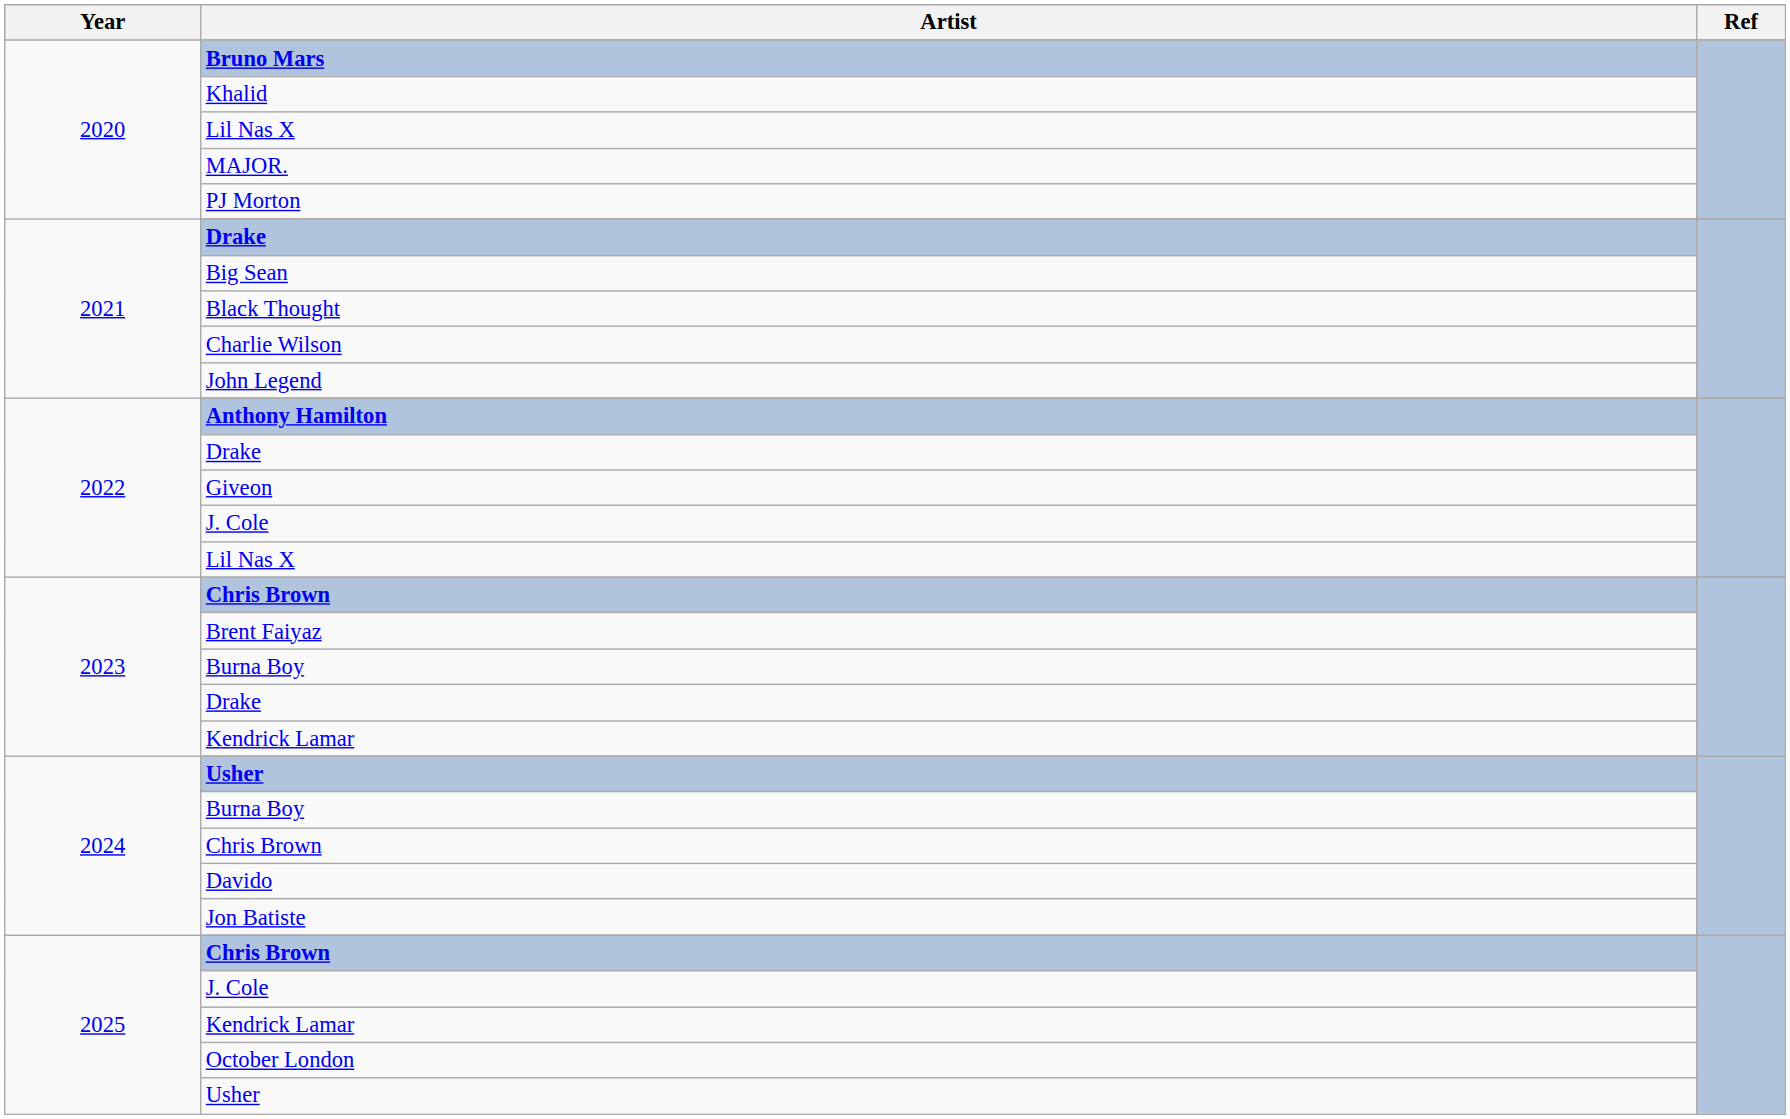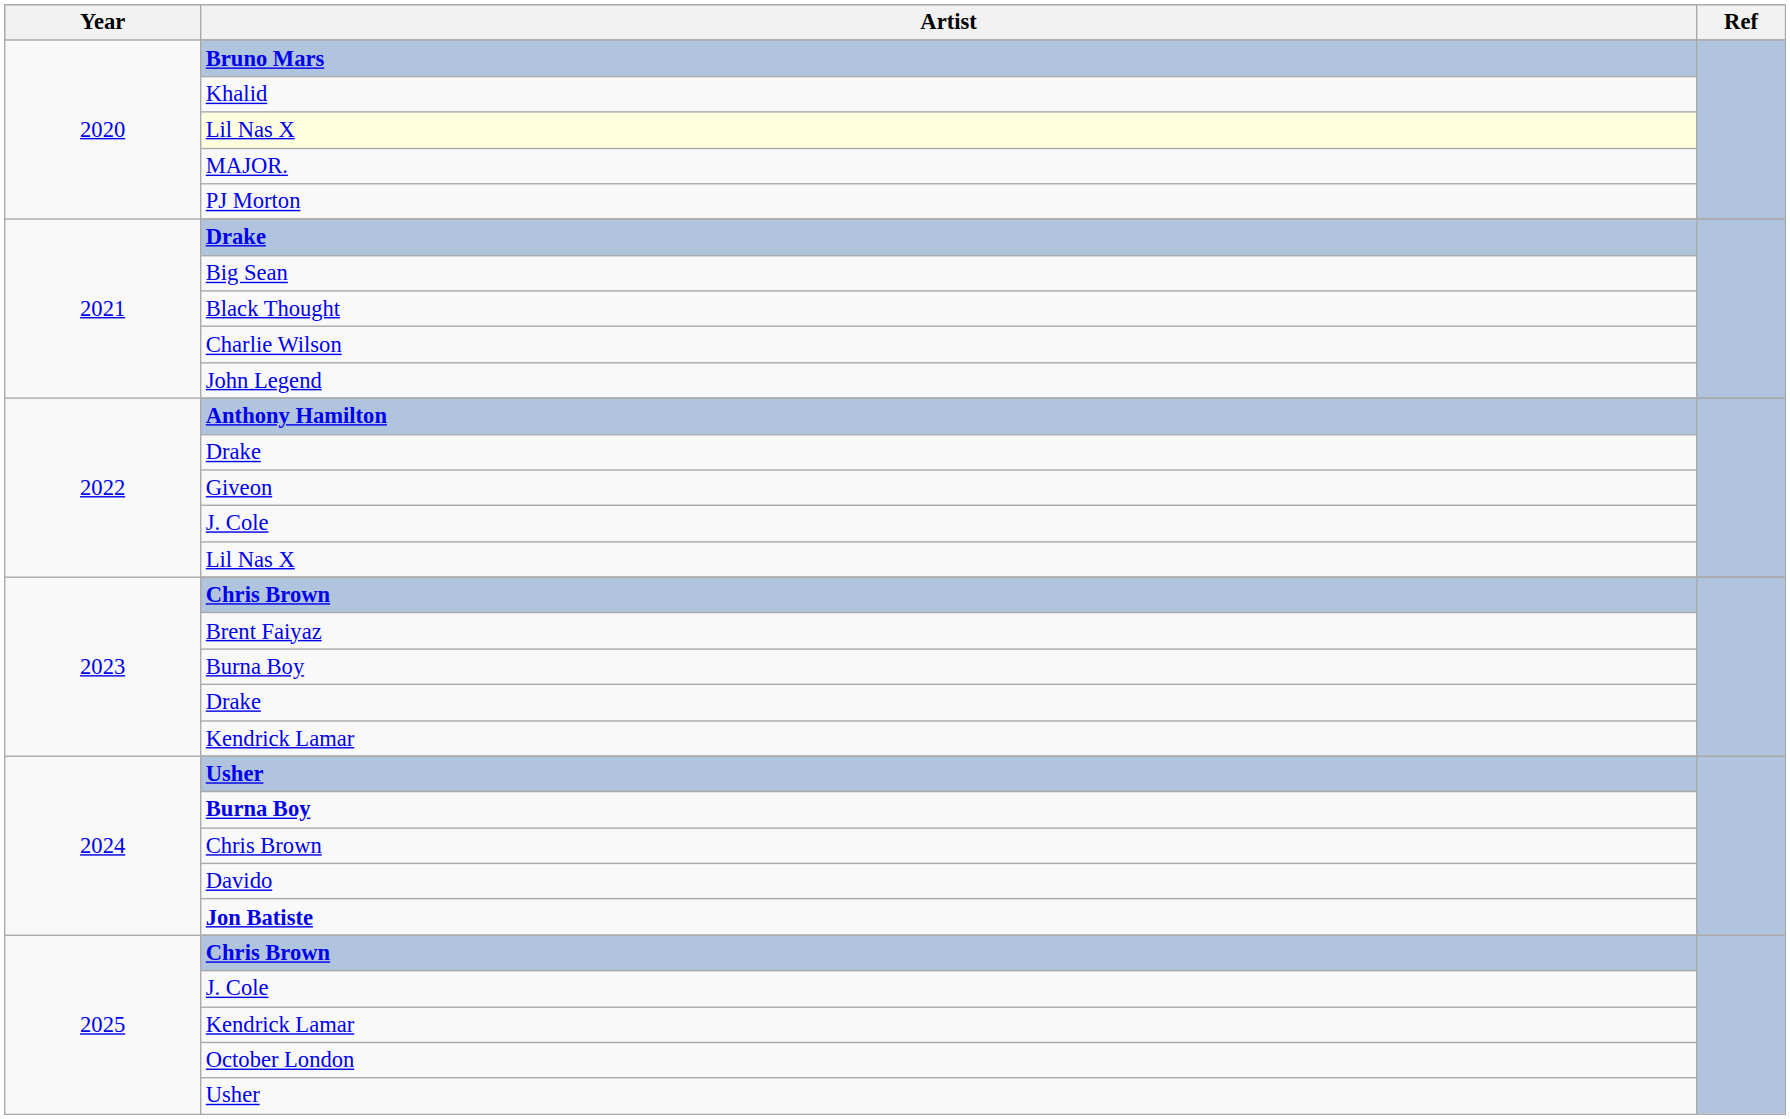 <table class="wikitable" style="width:100%;">
 <tr style="background:#bebebe;">
 <th style="width:11%;">Year</th>
 <th style="width:84%;">Artist</th>
 <th style="width:5%;">Ref</th>
 </tr>
 <tr>
 <td rowspan="6" align="center"><a href='#'>2020</a></td>
 </tr>
 <tr style="background:#B0C4DE">
 <td><strong><a href='#'>Bruno Mars</a></strong></td>
 <td rowspan="5" align="center"></td>
 </tr>
 <tr>
 <td><a href='#'>Khalid</a></td>
 </tr>
 <tr>
-<td><a href='#'>Lil Nas X</a></td>
+<td style="background: lightyellow;"><a href='#'>Lil Nas X</a></td>
 </tr>
 <tr>
 <td><a href='#'>MAJOR.</a></td>
 </tr>
 <tr>
 <td><a href='#'>PJ Morton</a></td>
 </tr>
 <tr>
 <td rowspan="6" align="center"><a href='#'>2021</a></td>
 </tr>
 <tr style="background:#B0C4DE">
 <td><strong><a href='#'>Drake</a></strong></td>
 <td rowspan="5" align="center"></td>
 </tr>
 <tr>
 <td><a href='#'>Big Sean</a></td>
 </tr>
 <tr>
 <td><a href='#'>Black Thought</a></td>
 </tr>
 <tr>
 <td><a href='#'>Charlie Wilson</a></td>
 </tr>
 <tr>
 <td><a href='#'>John Legend</a></td>
 </tr>
 <tr>
 <td rowspan="6" align="center"><a href='#'>2022</a></td>
 </tr>
 <tr style="background:#B0C4DE">
 <td><strong><a href='#'>Anthony Hamilton</a></strong></td>
 <td rowspan="5" align="center"></td>
 </tr>
 <tr>
 <td><a href='#'>Drake</a></td>
 </tr>
 <tr>
 <td><a href='#'>Giveon</a></td>
 </tr>
 <tr>
 <td><a href='#'>J. Cole</a></td>
 </tr>
 <tr>
 <td><a href='#'>Lil Nas X</a></td>
 </tr>
 <tr>
 <td rowspan="6" align="center"><a href='#'>2023</a></td>
 </tr>
 <tr style="background:#B0C4DE">
 <td><strong><a href='#'>Chris Brown</a></strong></td>
 <td rowspan="5" align="center"></td>
 </tr>
 <tr>
 <td><a href='#'>Brent Faiyaz</a></td>
 </tr>
 <tr>
 <td><a href='#'>Burna Boy</a></td>
 </tr>
 <tr>
 <td><a href='#'>Drake</a></td>
 </tr>
 <tr>
 <td><a href='#'>Kendrick Lamar</a></td>
 </tr>
 <tr>
 <td rowspan="6" align="center"><a href='#'>2024</a></td>
 </tr>
 <tr style="background:#B0C4DE">
 <td><strong><a href='#'>Usher</a></strong></td>
 <td rowspan="5" align="center"></td>
 </tr>
 <tr>
-<td><a href='#'>Burna Boy</a></td>
+<td><strong><a href='#'>Burna Boy</a></strong></td>
 </tr>
 <tr>
 <td><a href='#'>Chris Brown</a></td>
 </tr>
 <tr>
 <td><a href='#'>Davido</a></td>
 </tr>
 <tr>
-<td><a href='#'>Jon Batiste</a></td>
+<td><strong><a href='#'>Jon Batiste</a></strong></td>
 </tr>
 <tr>
 <td rowspan="6" align="center"><a href='#'>2025</a></td>
 </tr>
 <tr style="background:#B0C4DE">
 <td><strong><a href='#'>Chris Brown</a></strong></td>
 <td rowspan="5" align="center"></td>
 </tr>
 <tr>
 <td><a href='#'>J. Cole</a></td>
 </tr>
 <tr>
 <td><a href='#'>Kendrick Lamar</a></td>
 </tr>
 <tr>
 <td><a href='#'>October London</a></td>
 </tr>
 <tr>
 <td><a href='#'>Usher</a></td>
 </tr>
 </table>
